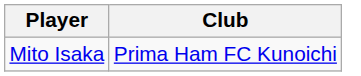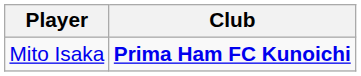 <table class="wikitable">
 <tr>
 <th>Player</th>
 <th>Club</th>
 </tr>
 <tr>
 <td> <a href='#'>Mito Isaka</a></td>
-<td><a href='#'>Prima Ham FC Kunoichi</a></td>
+<td><strong><a href='#'>Prima Ham FC Kunoichi</a></strong></td>
 </tr>
 </table>
